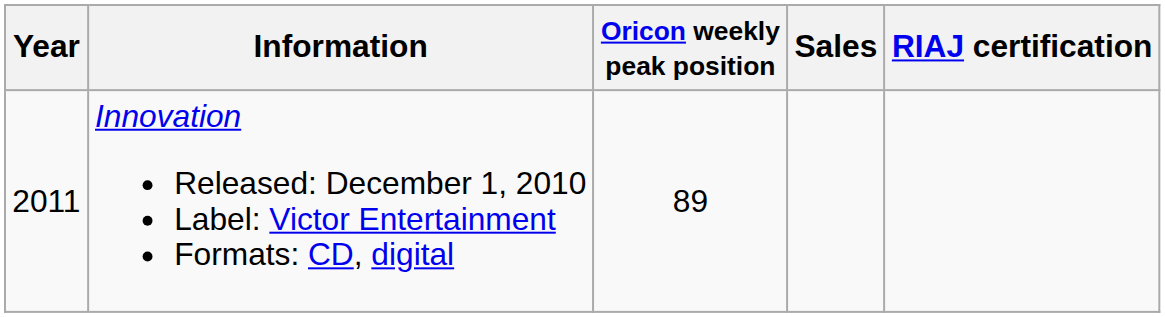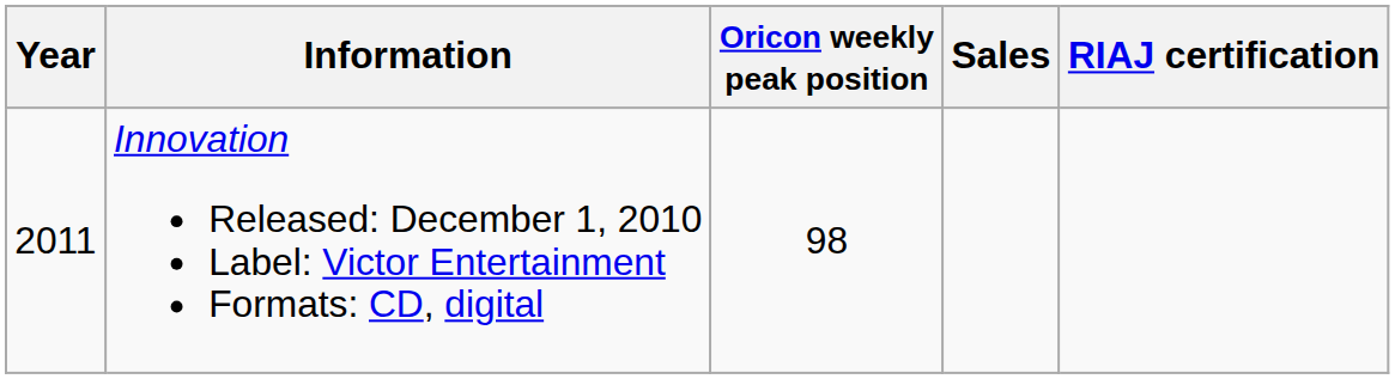 <table class="wikitable">
 <tr>
 <th>Year</th>
 <th>Information</th>
 <th><small><a href='#'>Oricon</a> weekly<br>peak position</small></th>
 <th>Sales<br></th>
 <th><a href='#'>RIAJ</a> certification</th>
 </tr>
 <tr>
 <td>2011</td>
 <td><em><a href='#'>Innovation</a></em><br><ul><li>Released: December 1, 2010</li><li>Label: <a href='#'>Victor Entertainment</a></li><li>Formats: <a href='#'>CD</a>, <a href='#'>digital</a></li></ul></td>
-<td style="text-align:center;">89</td>
+<td style="text-align:center;">98</td>
 <td align="left"></td>
 <td align="left"></td>
 </tr>
 </table>
